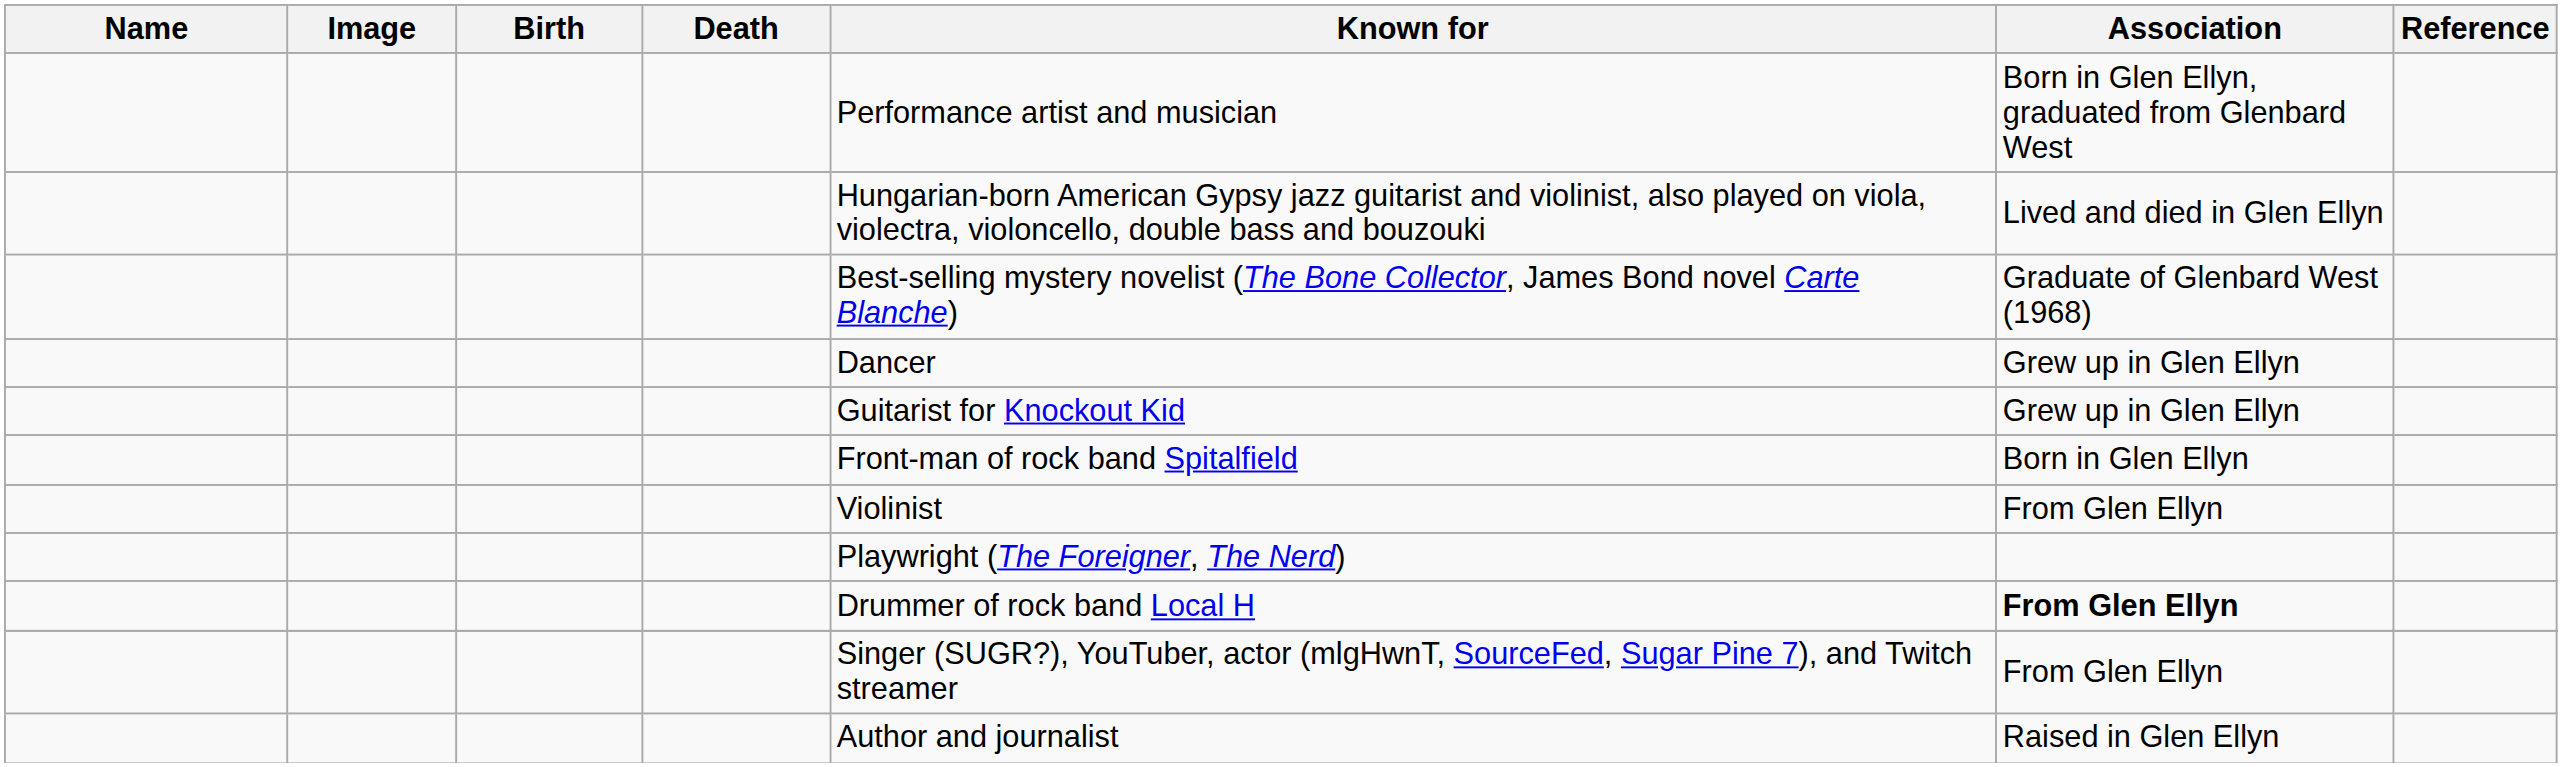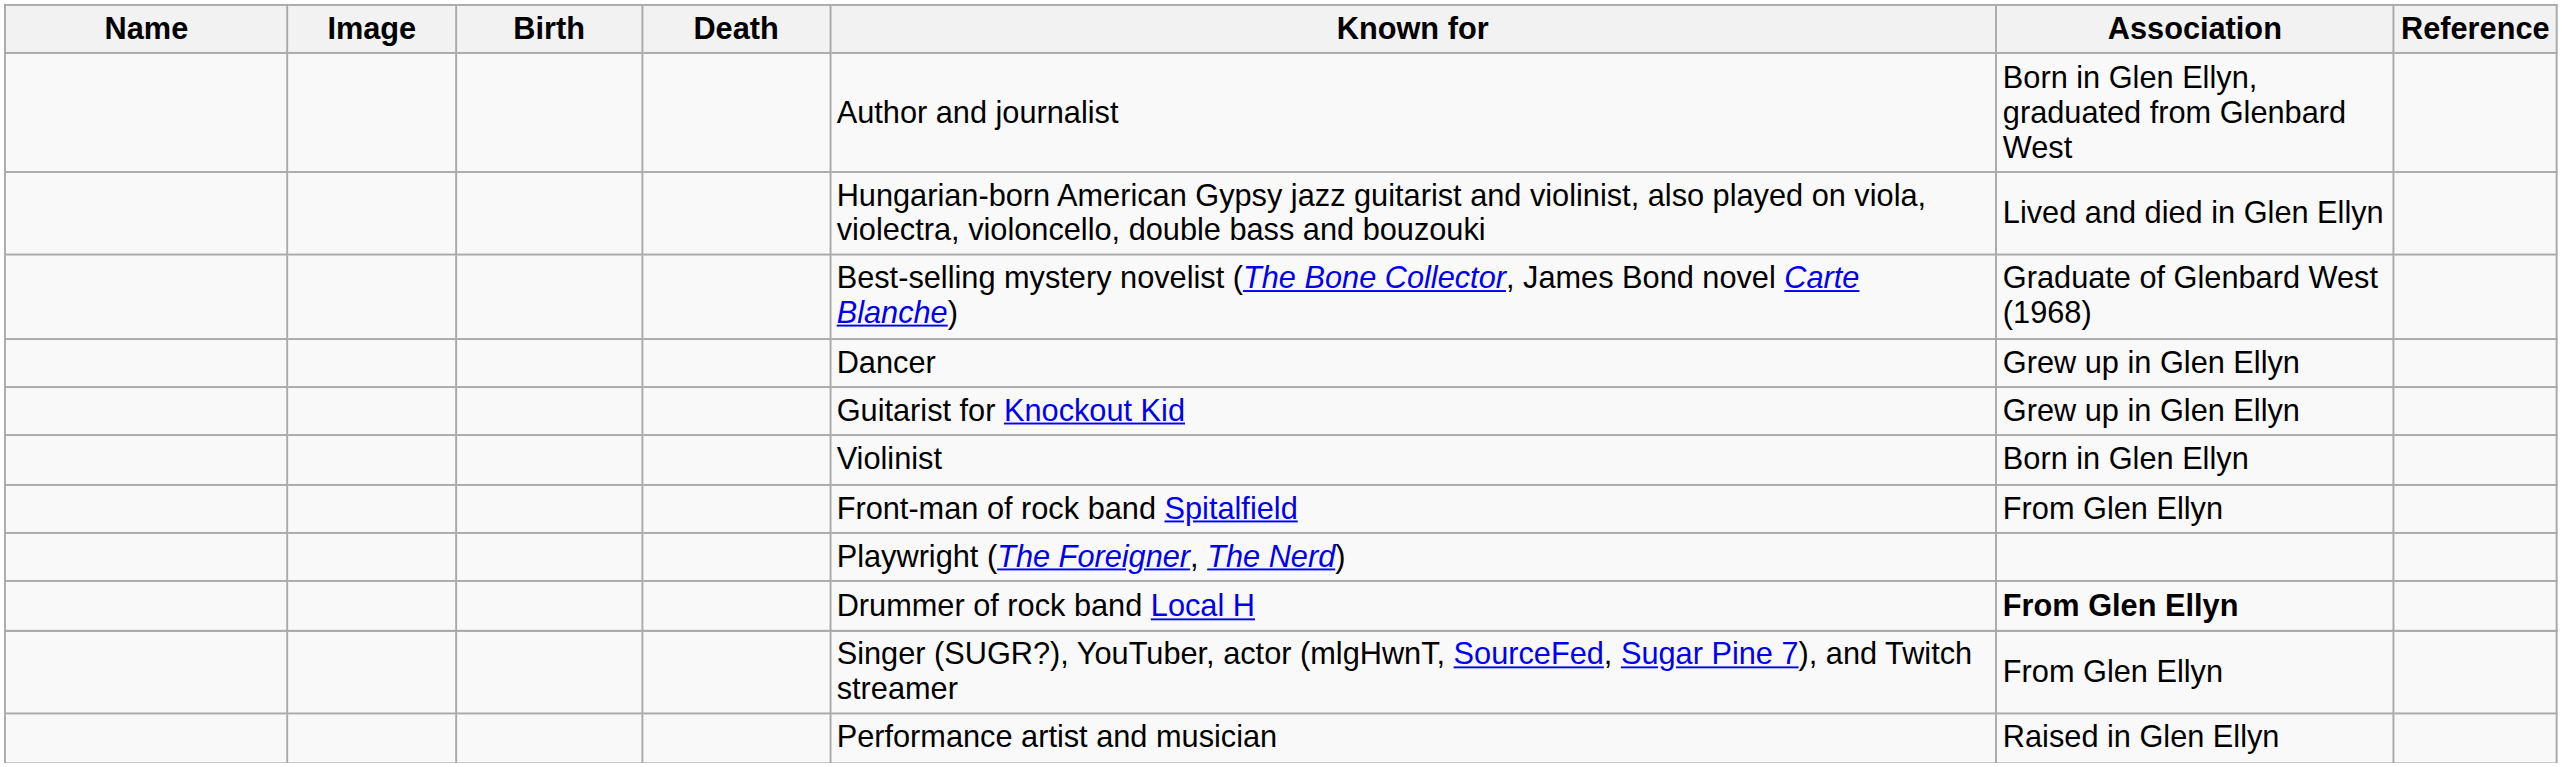 <table class="wikitable sortable">
 <tr>
 <th scope="col" width="140">Name</th>
 <th scope="col" width="80" class="unsortable">Image</th>
 <th scope="col" width="90">Birth</th>
 <th scope="col" width="90">Death</th>
 <th scope="col" width="600" class="unsortable">Known for</th>
 <th scope="col" width="200" class="unsortable">Association</th>
 <th scope="col" width="30" class="unsortable">Reference</th>
 </tr>
 <tr>
 <td></td>
 <td></td>
 <td align=right></td>
 <td></td>
-<td>Performance artist and musician</td>
+<td>Author and journalist</td>
 <td>Born in Glen Ellyn, graduated from Glenbard West</td>
 <td align="center"></td>
 </tr>
 <tr>
 <td></td>
 <td></td>
 <td align=right></td>
 <td align=right></td>
 <td>Hungarian-born American Gypsy jazz guitarist and violinist, also played on viola, violectra, violoncello, double bass and bouzouki</td>
 <td>Lived and died in Glen Ellyn</td>
 <td align="center"></td>
 </tr>
 <tr>
 <td></td>
 <td></td>
 <td align=right></td>
 <td></td>
 <td>Best-selling mystery novelist (<em><a href='#'>The Bone Collector</a></em>, James Bond novel <em><a href='#'>Carte Blanche</a></em>)</td>
 <td>Graduate of Glenbard West (1968)</td>
 <td align="center"></td>
 </tr>
 <tr>
 <td></td>
 <td></td>
 <td align=right></td>
 <td align=right></td>
 <td>Dancer</td>
 <td>Grew up in Glen Ellyn</td>
 <td align="center"></td>
 </tr>
 <tr>
 <td></td>
 <td></td>
 <td align=right></td>
 <td></td>
 <td>Guitarist for <a href='#'>Knockout Kid</a></td>
 <td>Grew up in Glen Ellyn</td>
 <td align="center"></td>
 </tr>
 <tr>
 <td></td>
 <td></td>
 <td></td>
 <td></td>
-<td>Front-man of rock band <a href='#'>Spitalfield</a></td>
+<td>Violinist</td>
 <td>Born in Glen Ellyn</td>
 <td align="center"></td>
 </tr>
 <tr>
 <td></td>
 <td></td>
 <td></td>
 <td></td>
-<td>Violinist</td>
+<td>Front-man of rock band <a href='#'>Spitalfield</a></td>
 <td>From Glen Ellyn</td>
 <td align="center"></td>
 </tr>
 <tr>
 <td></td>
 <td></td>
 <td align=right></td>
 <td align=right></td>
 <td>Playwright (<em><a href='#'>The Foreigner</a></em>, <em><a href='#'>The Nerd</a></em>)</td>
 <td></td>
 <td align="center"></td>
 </tr>
 <tr>
 <td></td>
 <td></td>
 <td align=right></td>
 <td></td>
 <td>Drummer of rock band <a href='#'>Local H</a></td>
 <td><strong>From Glen Ellyn</strong></td>
 <td align="center"></td>
 </tr>
 <tr>
 </tr>
 <tr>
 <td></td>
 <td></td>
 <td align=right></td>
 <td></td>
 <td>Singer (SUGR?), YouTuber, actor (mlgHwnT, <a href='#'>SourceFed</a>,  <a href='#'>Sugar Pine 7</a>), and Twitch streamer</td>
 <td>From Glen Ellyn</td>
 <td align="center"></td>
 </tr>
 <tr>
 <td></td>
 <td></td>
 <td align=right></td>
 <td></td>
-<td>Author and journalist</td>
+<td>Performance artist and musician</td>
 <td>Raised in Glen Ellyn</td>
 <td align="center"></td>
 </tr>
 </table>
